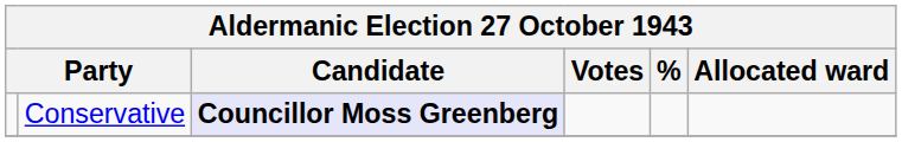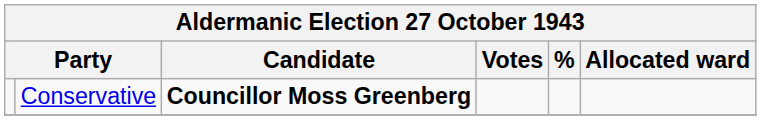 <table class="wikitable">
 <tr>
 <th colspan="6"><strong>Aldermanic Election 27 October 1943</strong></th>
 </tr>
 <tr>
 <th colspan="2">Party</th>
 <th>Candidate</th>
 <th>Votes</th>
 <th>%</th>
 <th>Allocated ward</th>
 </tr>
 <tr>
 <td style="background-color:"></td>
 <td><a href='#'>Conservative</a></td>
-<td style="background: lavender;"><strong>Councillor Moss Greenberg</strong></td>
+<td><strong>Councillor Moss Greenberg</strong></td>
 <td></td>
 <td></td>
 <td></td>
 </tr>
 <tr>
 </tr>
 </table>
